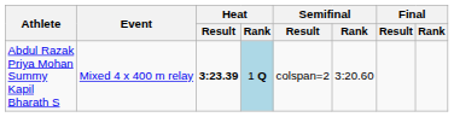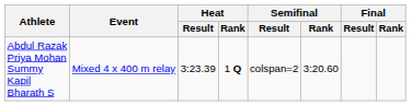 <table class="wikitable" style="font-size:90%">
 <tr>
 <th rowspan="2">Athlete</th>
 <th rowspan="2">Event</th>
 <th colspan="2">Heat</th>
 <th colspan="2">Semifinal</th>
 <th colspan="2">Final</th>
 </tr>
 <tr style="font-size:95%">
 <th>Result</th>
 <th>Rank</th>
 <th>Result</th>
 <th>Rank</th>
 <th>Result</th>
 <th>Rank</th>
 </tr>
 <tr style="text-align:center">
 <td style="text-align:left"><a href='#'>Abdul Razak</a><br><a href='#'>Priya Mohan</a><br><a href='#'>Summy</a><br><a href='#'>Kapil</a><br><a href='#'>Bharath S</a></td>
 <td style="text-align:left"><a href='#'> Mixed 4 x 400 m relay</a></td>
-<td><strong>3:23.39</strong></td>
-<td style="background: lightblue;">1 <strong>Q</strong></td>
+<td>3:23.39</td>
+<td>1 <strong>Q</strong></td>
 <td>colspan=2 </td>
 <td>3:20.60</td>
 <td></td>
 </tr>
 </table>
